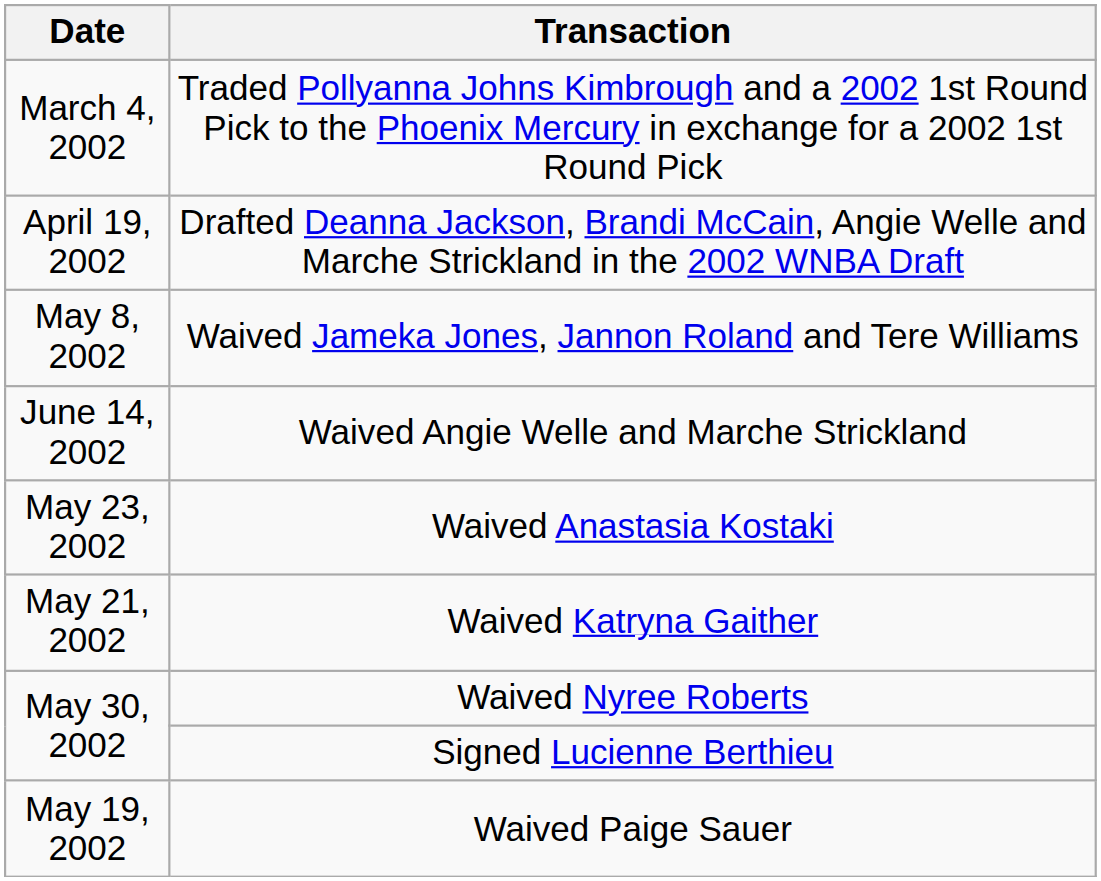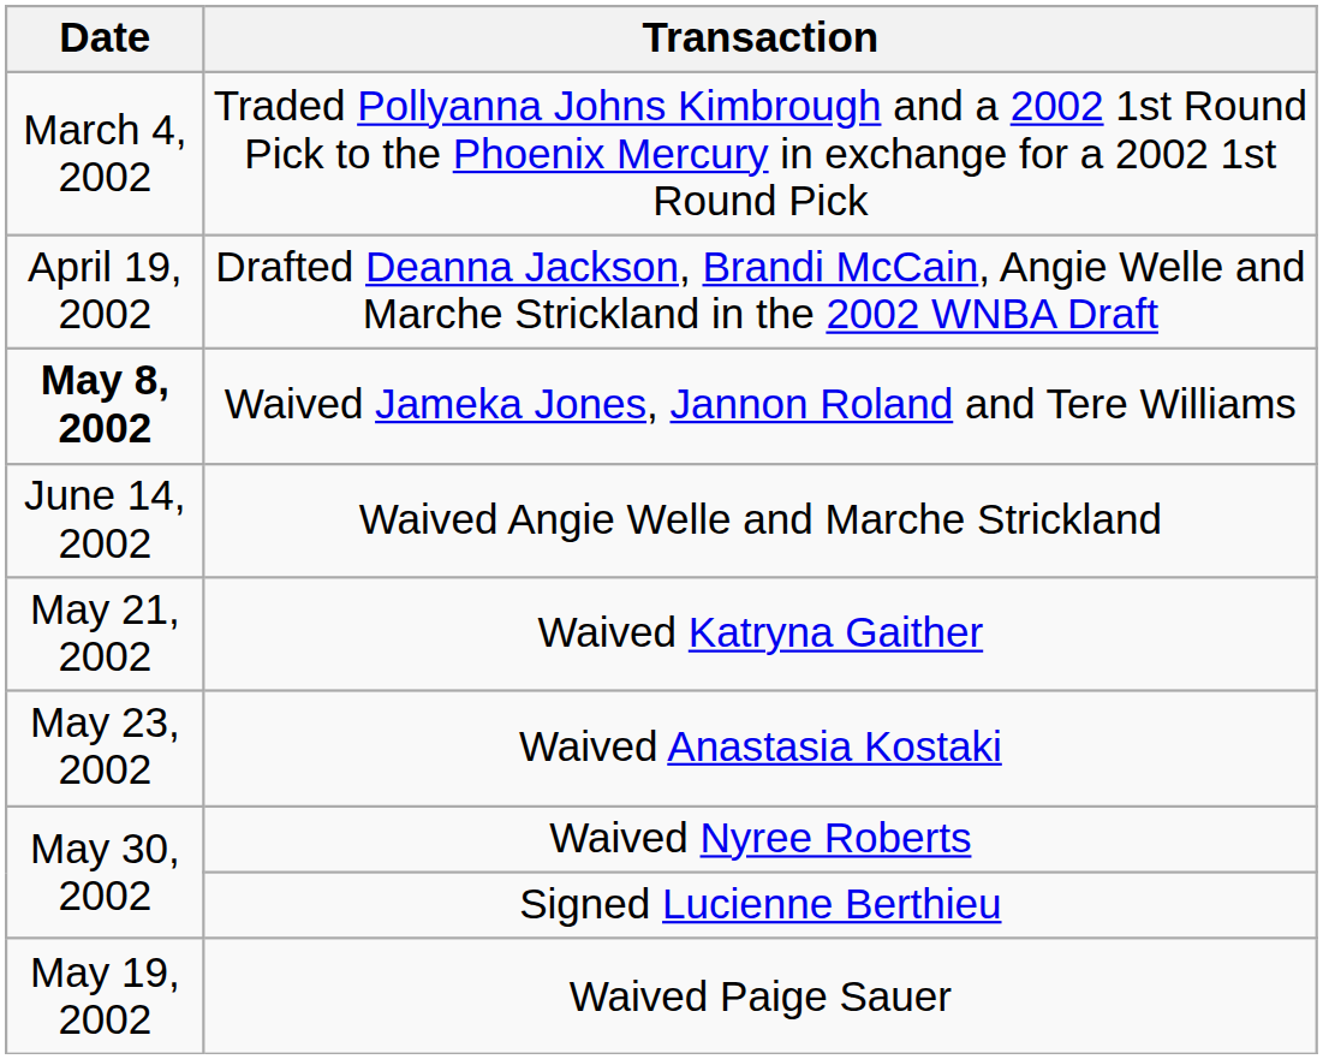 <table class="wikitable" style="width:80%; text-align: center;">
 <tr>
 <th>Date</th>
 <th>Transaction</th>
 </tr>
 <tr>
 <td>March 4, 2002</td>
 <td>Traded <a href='#'>Pollyanna Johns Kimbrough</a> and a <a href='#'>2002</a> 1st Round Pick to the <a href='#'>Phoenix Mercury</a> in exchange for a 2002 1st Round Pick</td>
 </tr>
 <tr>
 <td>April 19, 2002</td>
 <td>Drafted <a href='#'>Deanna Jackson</a>, <a href='#'>Brandi McCain</a>, Angie Welle and Marche Strickland in the <a href='#'>2002 WNBA Draft</a></td>
 </tr>
 <tr>
-<td>May 8, 2002</td>
+<td><strong>May 8, 2002</strong></td>
 <td>Waived <a href='#'>Jameka Jones</a>, <a href='#'>Jannon Roland</a> and Tere Williams</td>
 </tr>
 <tr>
 <td>June 14, 2002</td>
 <td>Waived Angie Welle and Marche Strickland</td>
 </tr>
 <tr>
+<td>May 21, 2002</td>
+<td>Waived <a href='#'>Katryna Gaither</a></td>
+</tr>
+<tr>
 <td>May 23, 2002</td>
 <td>Waived <a href='#'>Anastasia Kostaki</a></td>
-</tr>
-<tr>
-<td>May 21, 2002</td>
-<td>Waived <a href='#'>Katryna Gaither</a></td>
 </tr>
 <tr>
 <td rowspan="2">May 30, 2002</td>
 <td>Waived <a href='#'>Nyree Roberts</a></td>
 </tr>
 <tr>
 <td>Signed <a href='#'>Lucienne Berthieu</a></td>
 </tr>
 <tr>
 <td>May 19, 2002</td>
 <td>Waived Paige Sauer</td>
 </tr>
 </table>
